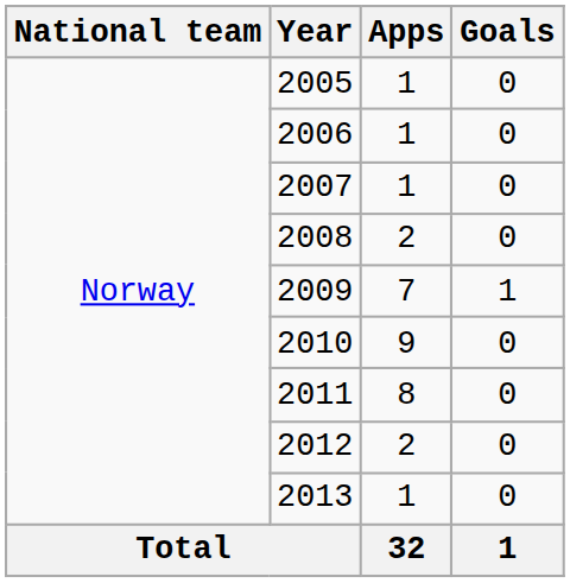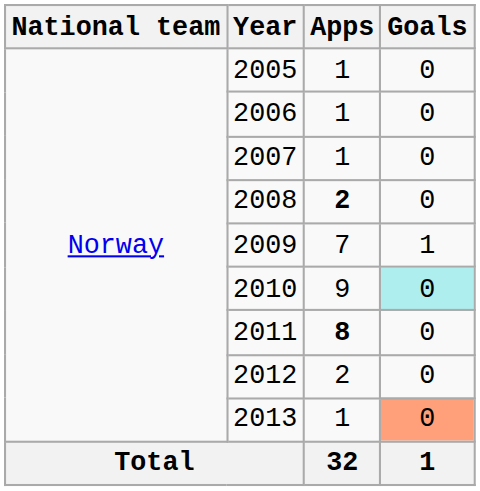 <table class="wikitable" style="text-align:center;">
 <tr>
 <th>National team</th>
 <th>Year</th>
 <th>Apps</th>
 <th>Goals</th>
 </tr>
 <tr>
 <td rowspan="9"><a href='#'>Norway</a></td>
 <td>2005</td>
 <td>1</td>
 <td>0</td>
 </tr>
 <tr>
 <td>2006</td>
 <td>1</td>
 <td>0</td>
 </tr>
 <tr>
 <td>2007</td>
 <td>1</td>
 <td>0</td>
 </tr>
 <tr>
 <td>2008</td>
-<td>2</td>
+<td><strong>2</strong></td>
 <td>0</td>
 </tr>
 <tr>
 <td>2009</td>
 <td>7</td>
 <td>1</td>
 </tr>
 <tr>
 <td>2010</td>
 <td>9</td>
-<td>0</td>
+<td style="background: paleturquoise;">0</td>
 </tr>
 <tr>
 <td>2011</td>
-<td>8</td>
+<td><strong>8</strong></td>
 <td>0</td>
 </tr>
 <tr>
 <td>2012</td>
 <td>2</td>
 <td>0</td>
 </tr>
 <tr>
 <td>2013</td>
 <td>1</td>
-<td>0</td>
+<td style="background: lightsalmon;">0</td>
 </tr>
 <tr>
 <th colspan=2>Total</th>
 <th>32</th>
 <th>1</th>
 </tr>
 </table>
